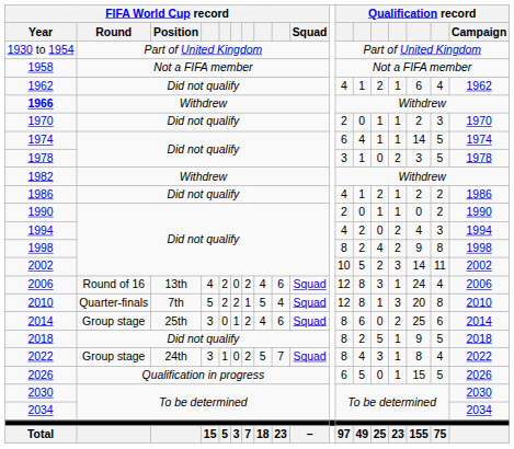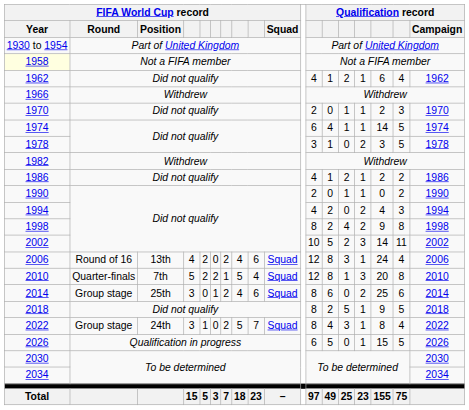 <table class="wikitable" style="text-align:center">
 <tr>
 <th colspan=10><a href='#'>FIFA World Cup</a> record</th>
 <th rowspan=25 style="background:white"></th>
 <th colspan=9><a href='#'>Qualification</a> record</th>
 </tr>
 <tr>
 <th>Year</th>
 <th>Round</th>
 <th>Position</th>
 <th></th>
 <th></th>
 <th></th>
 <th></th>
 <th></th>
 <th></th>
 <th>Squad</th>
 <th></th>
 <th></th>
 <th></th>
 <th></th>
 <th></th>
 <th></th>
 <th>Campaign</th>
 </tr>
 <tr>
 <td><a href='#'>1930</a> to <a href='#'>1954</a></td>
 <td colspan=9><em>Part of <a href='#'>United Kingdom</a></em></td>
 <td colspan=9><em>Part of <a href='#'>United Kingdom</a></em></td>
 </tr>
 <tr>
-<td> <a href='#'>1958</a></td>
+<td style="background: lightyellow;"> <a href='#'>1958</a></td>
 <td colspan=9><em>Not a FIFA member</em></td>
 <td colspan=9><em>Not a FIFA member</em></td>
 </tr>
 <tr>
 <td> <a href='#'>1962</a></td>
 <td colspan=9><em>Did not qualify</em></td>
 <td>4</td>
 <td>1</td>
 <td>2</td>
 <td>1</td>
 <td>6</td>
 <td>4</td>
 <td><a href='#'>1962</a></td>
 </tr>
 <tr>
-<td><strong> <a href='#'>1966</a></strong></td>
+<td> <a href='#'>1966</a></td>
 <td colspan=9><em>Withdrew</em></td>
 <td colspan=8><em>Withdrew</em></td>
 </tr>
 <tr>
 <td> <a href='#'>1970</a></td>
 <td colspan=9><em>Did not qualify</em></td>
 <td>2</td>
 <td>0</td>
 <td>1</td>
 <td>1</td>
 <td>2</td>
 <td>3</td>
 <td><a href='#'>1970</a></td>
 </tr>
 <tr>
 <td> <a href='#'>1974</a></td>
 <td colspan=9 rowspan=2><em>Did not qualify</em></td>
 <td>6</td>
 <td>4</td>
 <td>1</td>
 <td>1</td>
 <td>14</td>
 <td>5</td>
 <td><a href='#'>1974</a></td>
 </tr>
 <tr>
 <td> <a href='#'>1978</a></td>
 <td>3</td>
 <td>1</td>
 <td>0</td>
 <td>2</td>
 <td>3</td>
 <td>5</td>
 <td><a href='#'>1978</a></td>
 </tr>
 <tr>
 <td> <a href='#'>1982</a></td>
 <td colspan=9><em>Withdrew</em></td>
 <td colspan=8><em>Withdrew</em></td>
 </tr>
 <tr>
 <td> <a href='#'>1986</a></td>
 <td colspan=9><em>Did not qualify</em></td>
 <td>4</td>
 <td>1</td>
 <td>2</td>
 <td>1</td>
 <td>2</td>
 <td>2</td>
 <td><a href='#'>1986</a></td>
 </tr>
 <tr>
 <td> <a href='#'>1990</a></td>
 <td colspan=9 rowspan=4><em>Did not qualify</em></td>
 <td>2</td>
 <td>0</td>
 <td>1</td>
 <td>1</td>
 <td>0</td>
 <td>2</td>
 <td><a href='#'>1990</a></td>
 </tr>
 <tr>
 <td> <a href='#'>1994</a></td>
 <td>4</td>
 <td>2</td>
 <td>0</td>
 <td>2</td>
 <td>4</td>
 <td>3</td>
 <td><a href='#'>1994</a></td>
 </tr>
 <tr>
 <td> <a href='#'>1998</a></td>
 <td>8</td>
 <td>2</td>
 <td>4</td>
 <td>2</td>
 <td>9</td>
 <td>8</td>
 <td><a href='#'>1998</a></td>
 </tr>
 <tr>
 <td>  <a href='#'>2002</a></td>
 <td>10</td>
 <td>5</td>
 <td>2</td>
 <td>3</td>
 <td>14</td>
 <td>11</td>
 <td><a href='#'>2002</a></td>
 </tr>
 <tr>
 <td> <a href='#'>2006</a></td>
 <td>Round of 16</td>
 <td>13th</td>
 <td>4</td>
 <td>2</td>
 <td>0</td>
 <td>2</td>
 <td>4</td>
 <td>6</td>
 <td><a href='#'>Squad</a></td>
 <td>12</td>
 <td>8</td>
 <td>3</td>
 <td>1</td>
 <td>24</td>
 <td>4</td>
 <td><a href='#'>2006</a></td>
 </tr>
 <tr>
 <td> <a href='#'>2010</a></td>
 <td>Quarter-finals</td>
 <td>7th</td>
 <td>5</td>
 <td>2</td>
 <td>2</td>
 <td>1</td>
 <td>5</td>
 <td>4</td>
 <td><a href='#'>Squad</a></td>
 <td>12</td>
 <td>8</td>
 <td>1</td>
 <td>3</td>
 <td>20</td>
 <td>8</td>
 <td><a href='#'>2010</a></td>
 </tr>
 <tr>
 <td> <a href='#'>2014</a></td>
 <td>Group stage</td>
 <td>25th</td>
 <td>3</td>
 <td>0</td>
 <td>1</td>
 <td>2</td>
 <td>4</td>
 <td>6</td>
 <td><a href='#'>Squad</a></td>
 <td>8</td>
 <td>6</td>
 <td>0</td>
 <td>2</td>
 <td>25</td>
 <td>6</td>
 <td><a href='#'>2014</a></td>
 </tr>
 <tr>
 <td> <a href='#'>2018</a></td>
 <td colspan=9><em>Did not qualify</em></td>
 <td>8</td>
 <td>2</td>
 <td>5</td>
 <td>1</td>
 <td>9</td>
 <td>5</td>
 <td><a href='#'>2018</a></td>
 </tr>
 <tr>
 <td> <a href='#'>2022</a></td>
 <td>Group stage</td>
 <td>24th</td>
 <td>3</td>
 <td>1</td>
 <td>0</td>
 <td>2</td>
 <td>5</td>
 <td>7</td>
 <td><a href='#'>Squad</a></td>
 <td>8</td>
 <td>4</td>
 <td>3</td>
 <td>1</td>
 <td>8</td>
 <td>4</td>
 <td><a href='#'>2022</a></td>
 </tr>
 <tr>
 <td>   <a href='#'>2026</a></td>
 <td colspan=9><em>Qualification in progress</em></td>
 <td>6</td>
 <td>5</td>
 <td>0</td>
 <td>1</td>
 <td>15</td>
 <td>5</td>
 <td><a href='#'>2026</a></td>
 </tr>
 <tr>
 <td>   <a href='#'>2030</a></td>
 <td colspan=9 rowspan=2><em>To be determined</em></td>
 <td colspan=6 rowspan=2><em>To be determined</em></td>
 <td><a href='#'>2030</a></td>
 </tr>
 <tr>
 <td> <a href='#'>2034</a></td>
 <td><a href='#'>2034</a></td>
 </tr>
 <tr>
 <td colspan=18 style="background:black"></td>
 </tr>
 <tr>
 <th>Total</th>
 <th></th>
 <th></th>
 <th>15</th>
 <th>5</th>
 <th>3</th>
 <th>7</th>
 <th>18</th>
 <th>23</th>
 <th>–</th>
 <th>97</th>
 <th>49</th>
 <th>25</th>
 <th>23</th>
 <th>155</th>
 <th>75</th>
 <th></th>
 </tr>
 </table>
